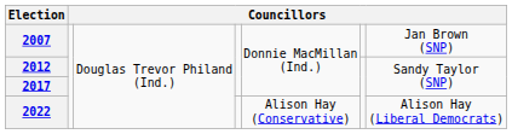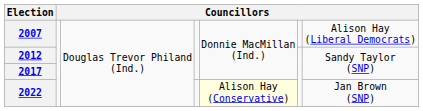 <table class="wikitable" style="text-align:center">
 <tr>
 <th>Election</th>
 <th colspan=8>Councillors</th>
 </tr>
 <tr>
 <th><a href='#'>2007</a></th>
 <td rowspan=4; style="background-color: "></td>
 <td rowspan=4>Douglas Trevor Philand<br>(Ind.)</td>
 <td rowspan=3; style="background-color: "></td>
 <td rowspan=3>Donnie MacMillan<br>(Ind.)</td>
 <td rowspan=1; style="background-color: "></td>
-<td rowspan=1>Jan Brown<br>(<a href='#'>SNP</a>)</td>
+<td rowspan=1>Alison Hay<br>(<a href='#'>Liberal Democrats</a>)</td>
 </tr>
 <tr>
 <th><a href='#'>2012</a></th>
 <td rowspan=3; style="background-color: "></td>
 <td rowspan=2>Sandy Taylor<br>(<a href='#'>SNP</a>)</td>
 </tr>
 <tr>
 <th><a href='#'>2017</a></th>
 </tr>
 <tr>
 <th><a href='#'>2022</a></th>
 <td rowspan=1; style="background-color: "></td>
-<td rowspan=1>Alison Hay<br>(<a href='#'>Conservative</a>)</td>
-<td rowspan=1>Alison Hay<br>(<a href='#'>Liberal Democrats</a>)</td>
+<td rowspan=1 style="background: lightyellow;">Alison Hay<br>(<a href='#'>Conservative</a>)</td>
+<td rowspan=1>Jan Brown<br>(<a href='#'>SNP</a>)</td>
 </tr>
 </table>
